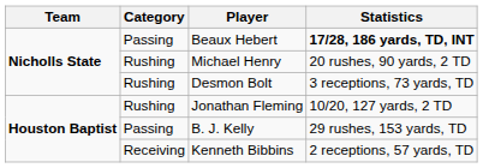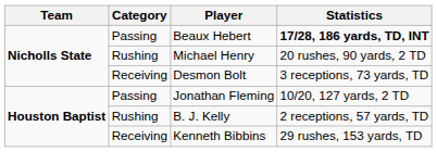 <table class="wikitable" style="float: left;">
 <tr>
 <th>Team</th>
 <th>Category</th>
 <th>Player</th>
 <th>Statistics</th>
 </tr>
 <tr>
 <td rowspan=3><strong>Nicholls State</strong></td>
 <td>Passing</td>
 <td>Beaux Hebert</td>
 <td><strong>17/28, 186 yards, TD, INT</strong></td>
 </tr>
 <tr>
 <td>Rushing</td>
 <td>Michael Henry</td>
 <td>20 rushes, 90 yards, 2 TD</td>
 </tr>
 <tr>
-<td>Rushing</td>
+<td>Receiving</td>
 <td>Desmon Bolt</td>
 <td>3 receptions, 73 yards, TD</td>
 </tr>
 <tr>
 <td rowspan=3><strong>Houston Baptist</strong></td>
-<td>Rushing</td>
+<td>Passing</td>
 <td>Jonathan Fleming</td>
 <td>10/20, 127 yards, 2 TD</td>
 </tr>
 <tr>
-<td>Passing</td>
+<td>Rushing</td>
 <td>B. J. Kelly</td>
-<td>29 rushes, 153 yards, TD</td>
+<td>2 receptions, 57 yards, TD</td>
 </tr>
 <tr>
 <td>Receiving</td>
 <td>Kenneth Bibbins</td>
-<td>2 receptions, 57 yards, TD</td>
+<td>29 rushes, 153 yards, TD</td>
 </tr>
 </table>
